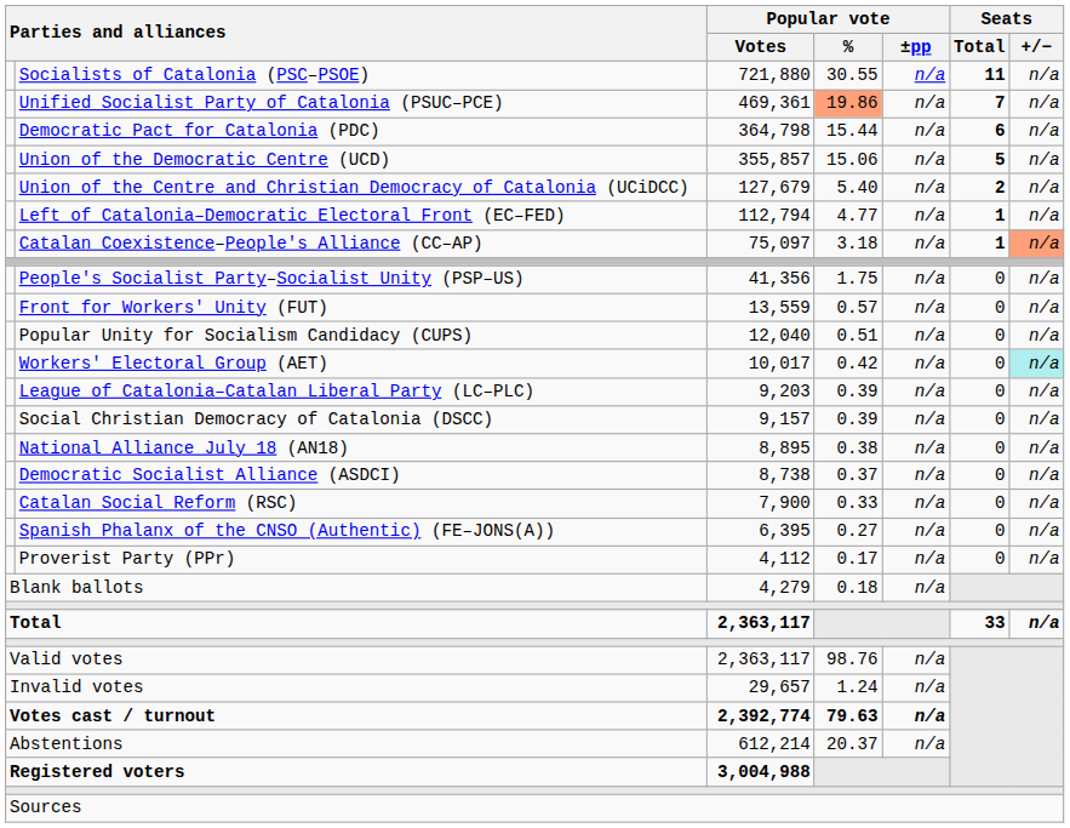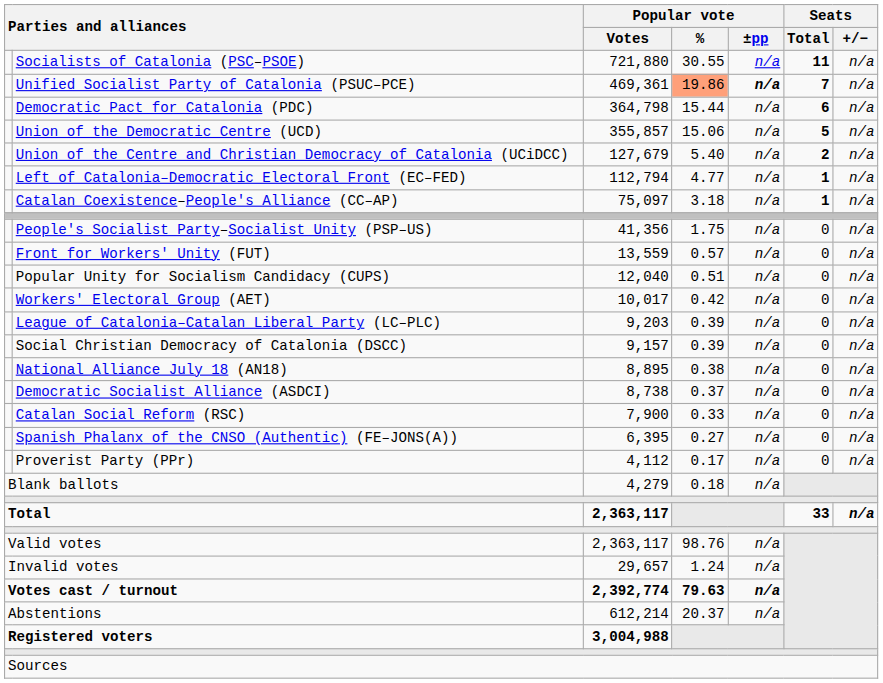 <table class="wikitable" style="text-align:right;">
 <tr>
 <th style="text-align:left;" rowspan="2" colspan="2" width="525">Parties and alliances</th>
 <th colspan="3">Popular vote</th>
 <th colspan="2">Seats</th>
 </tr>
 <tr>
 <th width="75">Votes</th>
 <th width="45">%</th>
 <th width="45">±<a href='#'>pp</a></th>
 <th width="35">Total</th>
 <th width="35">+/−</th>
 </tr>
 <tr>
 <td width="1" style="color:inherit;background:"></td>
 <td align="left"><a href='#'>Socialists of Catalonia</a> (<a href='#'>PSC</a>–<a href='#'>PSOE</a>)</td>
 <td>721,880</td>
 <td>30.55</td>
 <td><em><a href='#'>n/a</a></em></td>
 <td><strong>11</strong></td>
 <td><em>n/a</em></td>
 </tr>
 <tr>
 <td style="color:inherit;background:"></td>
 <td align="left"><a href='#'>Unified Socialist Party of Catalonia</a> (PSUC–PCE)</td>
 <td>469,361</td>
 <td style="background: lightsalmon;">19.86</td>
-<td><em>n/a</em></td>
+<td><strong><em>n/a</em></strong></td>
 <td><strong>7</strong></td>
 <td><em>n/a</em></td>
 </tr>
 <tr>
 <td style="color:inherit;background:"></td>
 <td align="left"><a href='#'>Democratic Pact for Catalonia</a> (PDC)</td>
 <td>364,798</td>
 <td>15.44</td>
 <td><em>n/a</em></td>
 <td><strong>6</strong></td>
 <td><em>n/a</em></td>
 </tr>
 <tr>
 <td style="color:inherit;background:"></td>
 <td align="left"><a href='#'>Union of the Democratic Centre</a> (UCD)</td>
 <td>355,857</td>
 <td>15.06</td>
 <td><em>n/a</em></td>
 <td><strong>5</strong></td>
 <td><em>n/a</em></td>
 </tr>
 <tr>
 <td style="color:inherit;background:"></td>
 <td align="left"><a href='#'>Union of the Centre and Christian Democracy of Catalonia</a> (UCiDCC)</td>
 <td>127,679</td>
 <td>5.40</td>
 <td><em>n/a</em></td>
 <td><strong>2</strong></td>
 <td><em>n/a</em></td>
 </tr>
 <tr>
 <td style="color:inherit;background:"></td>
 <td align="left"><a href='#'>Left of Catalonia–Democratic Electoral Front</a> (EC–FED)</td>
 <td>112,794</td>
 <td>4.77</td>
 <td><em>n/a</em></td>
 <td><strong>1</strong></td>
 <td><em>n/a</em></td>
 </tr>
 <tr>
 <td style="color:inherit;background:"></td>
 <td align="left"><a href='#'>Catalan Coexistence</a>–<a href='#'>People's Alliance</a> (CC–AP)</td>
 <td>75,097</td>
 <td>3.18</td>
 <td><em>n/a</em></td>
 <td><strong>1</strong></td>
-<td style="background: lightsalmon;"><em>n/a</em></td>
+<td><em>n/a</em></td>
 </tr>
 <tr>
 <td colspan="7" bgcolor="#C0C0C0"></td>
 </tr>
 <tr>
 <td style="color:inherit;background:"></td>
 <td align="left"><a href='#'>People's Socialist Party</a>–<a href='#'>Socialist Unity</a> (PSP–US)</td>
 <td>41,356</td>
 <td>1.75</td>
 <td><em>n/a</em></td>
 <td>0</td>
 <td><em>n/a</em></td>
 </tr>
 <tr>
 <td style="color:inherit;background:"></td>
 <td align="left"><a href='#'>Front for Workers' Unity</a> (FUT)</td>
 <td>13,559</td>
 <td>0.57</td>
 <td><em>n/a</em></td>
 <td>0</td>
 <td><em>n/a</em></td>
 </tr>
 <tr>
 <td style="color:inherit;background:"></td>
 <td align="left">Popular Unity for Socialism Candidacy (CUPS)</td>
 <td>12,040</td>
 <td>0.51</td>
 <td><em>n/a</em></td>
 <td>0</td>
 <td><em>n/a</em></td>
 </tr>
 <tr>
 <td style="color:inherit;background:"></td>
 <td align="left"><a href='#'>Workers' Electoral Group</a> (AET)</td>
 <td>10,017</td>
 <td>0.42</td>
 <td><em>n/a</em></td>
 <td>0</td>
-<td style="background: paleturquoise;"><em>n/a</em></td>
+<td><em>n/a</em></td>
 </tr>
 <tr>
 <td style="color:inherit;background:"></td>
 <td align="left"><a href='#'>League of Catalonia–Catalan Liberal Party</a> (LC–PLC)</td>
 <td>9,203</td>
 <td>0.39</td>
 <td><em>n/a</em></td>
 <td>0</td>
 <td><em>n/a</em></td>
 </tr>
 <tr>
 <td style="color:inherit;background:"></td>
 <td align="left">Social Christian Democracy of Catalonia (DSCC)</td>
 <td>9,157</td>
 <td>0.39</td>
 <td><em>n/a</em></td>
 <td>0</td>
 <td><em>n/a</em></td>
 </tr>
 <tr>
 <td style="color:inherit;background:"></td>
 <td align="left"><a href='#'>National Alliance July 18</a> (AN18)</td>
 <td>8,895</td>
 <td>0.38</td>
 <td><em>n/a</em></td>
 <td>0</td>
 <td><em>n/a</em></td>
 </tr>
 <tr>
 <td style="color:inherit;background:"></td>
 <td align="left"><a href='#'>Democratic Socialist Alliance</a> (ASDCI)</td>
 <td>8,738</td>
 <td>0.37</td>
 <td><em>n/a</em></td>
 <td>0</td>
 <td><em>n/a</em></td>
 </tr>
 <tr>
 <td style="color:inherit;background:"></td>
 <td align="left"><a href='#'>Catalan Social Reform</a> (RSC)</td>
 <td>7,900</td>
 <td>0.33</td>
 <td><em>n/a</em></td>
 <td>0</td>
 <td><em>n/a</em></td>
 </tr>
 <tr>
 <td style="color:inherit;background:"></td>
 <td align="left"><a href='#'>Spanish Phalanx of the CNSO (Authentic)</a> (FE–JONS(A))</td>
 <td>6,395</td>
 <td>0.27</td>
 <td><em>n/a</em></td>
 <td>0</td>
 <td><em>n/a</em></td>
 </tr>
 <tr>
 <td style="color:inherit;background:"></td>
 <td align="left">Proverist Party (PPr)</td>
 <td>4,112</td>
 <td>0.17</td>
 <td><em>n/a</em></td>
 <td>0</td>
 <td><em>n/a</em></td>
 </tr>
 <tr>
 <td align="left" colspan="2">Blank ballots</td>
 <td>4,279</td>
 <td>0.18</td>
 <td><em>n/a</em></td>
 <td bgcolor="#E9E9E9" colspan="2"></td>
 </tr>
 <tr>
 <td colspan="7" bgcolor="#E9E9E9"></td>
 </tr>
 <tr style="font-weight:bold;">
 <td align="left" colspan="2">Total</td>
 <td>2,363,117</td>
 <td bgcolor="#E9E9E9" colspan="2"></td>
 <td>33</td>
 <td><em>n/a</em></td>
 </tr>
 <tr>
 <td colspan="7" bgcolor="#E9E9E9"></td>
 </tr>
 <tr>
 <td align="left" colspan="2">Valid votes</td>
 <td>2,363,117</td>
 <td>98.76</td>
 <td><em>n/a</em></td>
 <td bgcolor="#E9E9E9" colspan="2" rowspan="5"></td>
 </tr>
 <tr>
 <td align="left" colspan="2">Invalid votes</td>
 <td>29,657</td>
 <td>1.24</td>
 <td><em>n/a</em></td>
 </tr>
 <tr style="font-weight:bold;">
 <td align="left" colspan="2">Votes cast / turnout</td>
 <td>2,392,774</td>
 <td>79.63</td>
 <td><em>n/a</em></td>
 </tr>
 <tr>
 <td align="left" colspan="2">Abstentions</td>
 <td>612,214</td>
 <td>20.37</td>
 <td><em>n/a</em></td>
 </tr>
 <tr style="font-weight:bold;">
 <td align="left" colspan="2">Registered voters</td>
 <td>3,004,988</td>
 <td bgcolor="#E9E9E9" colspan="2"></td>
 </tr>
 <tr>
 <td colspan="7" bgcolor="#E9E9E9"></td>
 </tr>
 <tr>
 <td align="left" colspan="7">Sources</td>
 </tr>
 </table>
